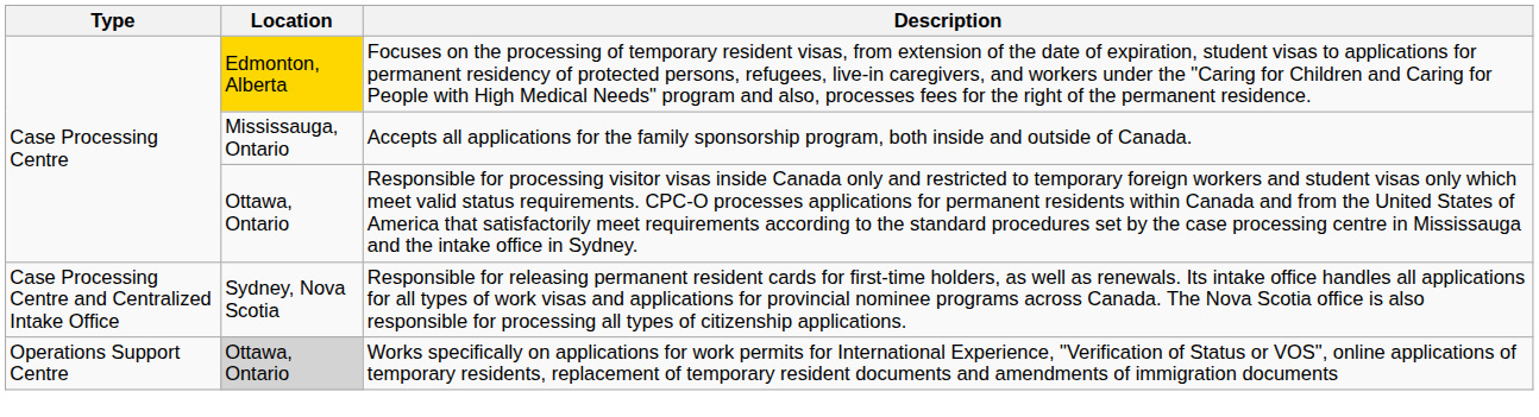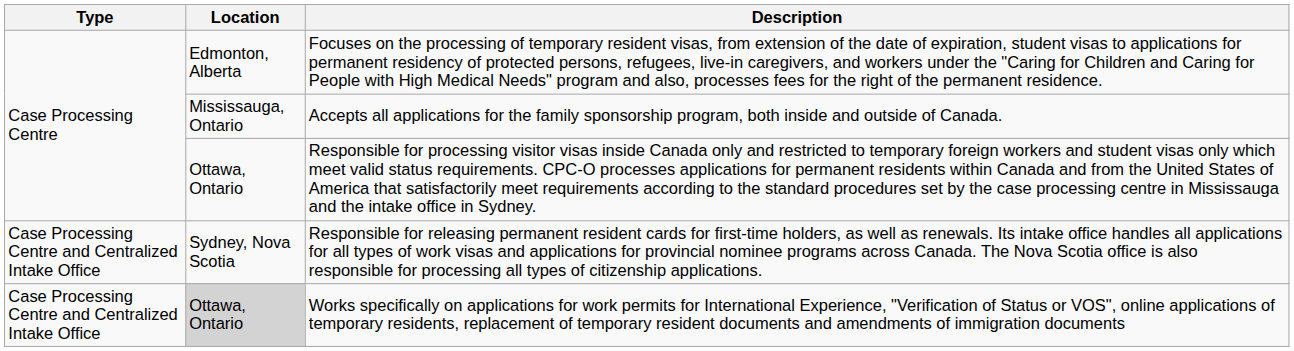 <table class="wikitable">
 <tr>
 <th>Type</th>
 <th>Location</th>
 <th>Description</th>
 </tr>
 <tr>
 <td rowspan="3">Case Processing Centre</td>
-<td style="background: gold;">Edmonton, Alberta</td>
+<td>Edmonton, Alberta</td>
 <td>Focuses on the processing of temporary resident visas, from extension of the date of expiration, student visas to applications for permanent residency of protected persons, refugees, live-in caregivers, and workers under the "Caring for Children and Caring for People with High Medical Needs" program and also, processes fees for the right of the permanent residence.</td>
 </tr>
 <tr>
 <td>Mississauga, Ontario</td>
 <td>Accepts all applications for the family sponsorship program, both inside and outside of Canada.</td>
 </tr>
 <tr>
 <td>Ottawa, Ontario</td>
 <td>Responsible for processing visitor visas inside Canada only and restricted to temporary foreign workers and student visas only which meet valid status requirements. CPC-O processes applications for permanent residents within Canada and from the United States of America that satisfactorily meet requirements according to the standard procedures set by the case processing centre in Mississauga and the intake office in Sydney.</td>
 </tr>
 <tr>
 <td>Case Processing Centre and Centralized Intake Office</td>
 <td>Sydney, Nova Scotia</td>
 <td>Responsible for releasing permanent resident cards for first-time holders, as well as renewals. Its intake office handles all applications for all types of work visas and applications for provincial nominee programs across Canada. The Nova Scotia office is also responsible for processing all types of citizenship applications.</td>
 </tr>
 <tr>
-<td>Operations Support Centre</td>
+<td>Case Processing Centre and Centralized Intake Office</td>
 <td style="background: lightgrey;">Ottawa, Ontario</td>
 <td>Works specifically on applications for work permits for International Experience, "Verification of Status or VOS", online applications of temporary residents, replacement of temporary resident documents and amendments of immigration documents</td>
 </tr>
 </table>
